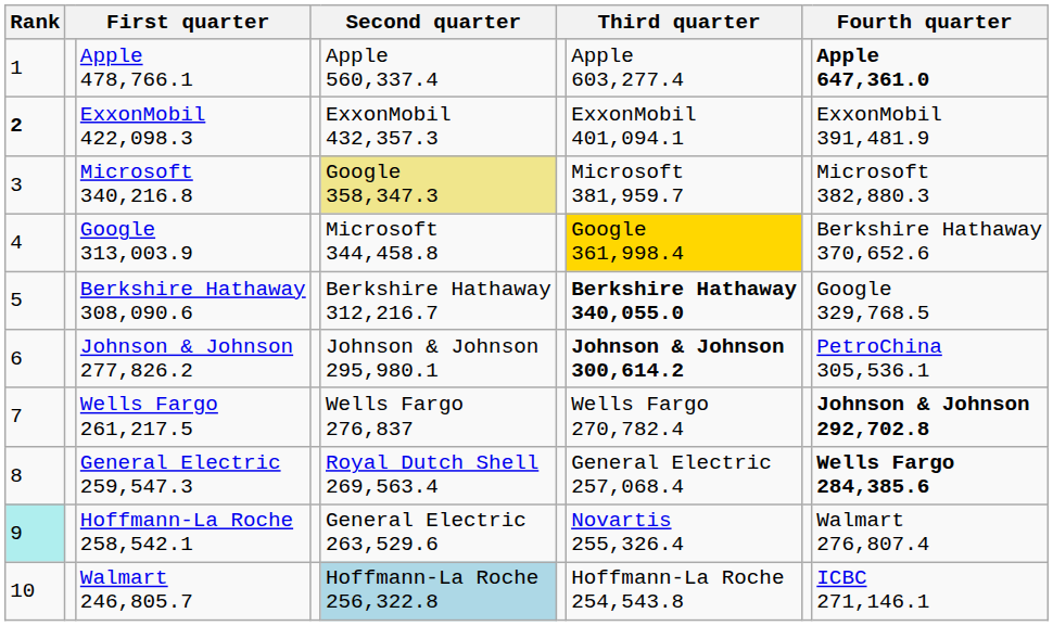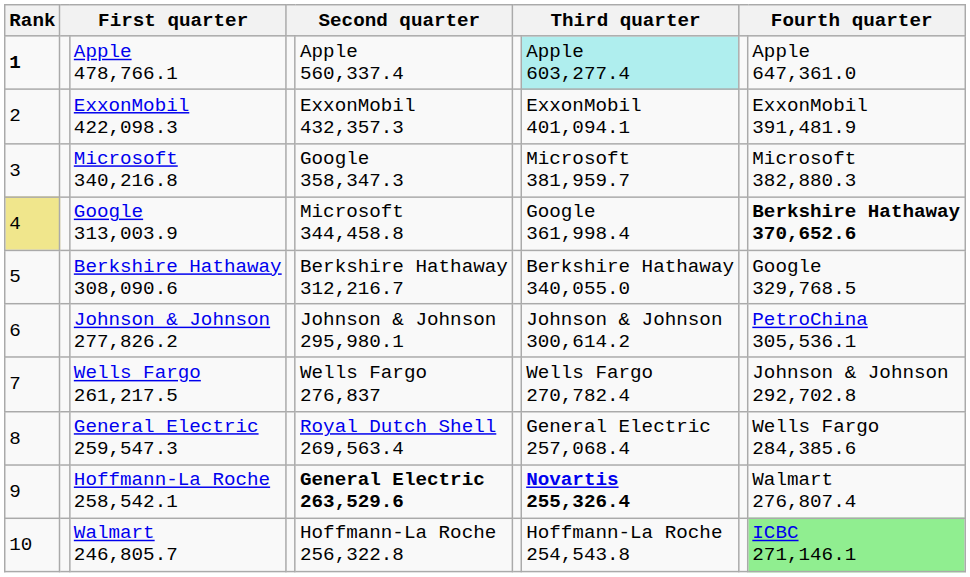 <table class="wikitable" >
 <tr>
 <th>Rank</th>
 <th colspan=2>First quarter</th>
 <th colspan=2>Second quarter</th>
 <th colspan=2>Third quarter</th>
 <th colspan=2>Fourth quarter</th>
 </tr>
 <tr>
-<td>1</td>
+<td><strong>1</strong></td>
 <td></td>
 <td><a href='#'>Apple</a> <br> 478,766.1</td>
 <td></td>
 <td>Apple <br> 560,337.4</td>
 <td></td>
-<td>Apple <br> 603,277.4</td>
+<td style="background: paleturquoise;">Apple <br> 603,277.4</td>
 <td></td>
-<td><strong>Apple <br> 647,361.0</strong></td>
+<td>Apple <br> 647,361.0</td>
 </tr>
 <tr>
-<td><strong>2</strong></td>
+<td>2</td>
 <td></td>
 <td><a href='#'>ExxonMobil</a> <br> 422,098.3</td>
 <td></td>
 <td>ExxonMobil <br> 432,357.3</td>
 <td></td>
 <td>ExxonMobil <br> 401,094.1</td>
 <td></td>
 <td>ExxonMobil <br> 391,481.9</td>
 </tr>
 <tr>
 <td>3</td>
 <td></td>
 <td><a href='#'>Microsoft</a><br> 340,216.8</td>
 <td></td>
-<td style="background: khaki;">Google <br> 358,347.3</td>
+<td>Google <br> 358,347.3</td>
 <td></td>
 <td>Microsoft<br> 381,959.7</td>
 <td></td>
 <td>Microsoft<br> 382,880.3</td>
 </tr>
 <tr>
-<td>4</td>
+<td style="background: khaki;">4</td>
 <td></td>
 <td><a href='#'>Google</a> <br> 313,003.9</td>
 <td></td>
 <td>Microsoft<br> 344,458.8</td>
 <td></td>
-<td style="background: gold;">Google <br> 361,998.4</td>
+<td>Google <br> 361,998.4</td>
 <td></td>
-<td>Berkshire Hathaway <br> 370,652.6</td>
+<td><strong>Berkshire Hathaway <br> 370,652.6</strong></td>
 </tr>
 <tr>
 <td>5</td>
 <td></td>
 <td><a href='#'>Berkshire Hathaway</a> <br> 308,090.6</td>
 <td></td>
 <td>Berkshire Hathaway <br> 312,216.7</td>
 <td></td>
-<td><strong>Berkshire Hathaway <br> 340,055.0</strong></td>
+<td>Berkshire Hathaway <br> 340,055.0</td>
 <td></td>
 <td>Google <br> 329,768.5</td>
 </tr>
 <tr>
 <td>6</td>
 <td></td>
 <td><a href='#'>Johnson & Johnson</a> <br> 277,826.2</td>
 <td></td>
 <td>Johnson & Johnson <br> 295,980.1</td>
 <td></td>
-<td><strong>Johnson & Johnson <br> 300,614.2</strong></td>
+<td>Johnson & Johnson <br> 300,614.2</td>
 <td></td>
 <td><a href='#'>PetroChina</a> <br> 305,536.1</td>
 </tr>
 <tr>
 <td>7</td>
 <td></td>
 <td><a href='#'>Wells Fargo</a> <br> 261,217.5</td>
 <td></td>
 <td>Wells Fargo <br> 276,837</td>
 <td></td>
 <td>Wells Fargo <br> 270,782.4</td>
 <td></td>
-<td><strong>Johnson & Johnson <br> 292,702.8</strong></td>
+<td>Johnson & Johnson <br> 292,702.8</td>
 </tr>
 <tr>
 <td>8</td>
 <td></td>
 <td><a href='#'>General Electric</a> <br> 259,547.3</td>
 <td> <br>   </td>
 <td><a href='#'>Royal Dutch Shell</a><br> 269,563.4</td>
 <td></td>
 <td>General Electric <br> 257,068.4</td>
 <td></td>
-<td><strong>Wells Fargo <br> 284,385.6</strong></td>
+<td>Wells Fargo <br> 284,385.6</td>
 </tr>
 <tr>
-<td style="background: paleturquoise;">9</td>
+<td>9</td>
 <td></td>
 <td><a href='#'>Hoffmann-La Roche</a> <br> 258,542.1</td>
 <td></td>
-<td>General Electric <br> 263,529.6</td>
+<td><strong>General Electric <br> 263,529.6</strong></td>
 <td></td>
-<td><a href='#'>Novartis</a> <br> 255,326.4</td>
+<td><strong><a href='#'>Novartis</a> <br> 255,326.4</strong></td>
 <td></td>
 <td>Walmart <br> 276,807.4</td>
 </tr>
 <tr>
 <td>10</td>
 <td></td>
 <td><a href='#'>Walmart</a> <br> 246,805.7</td>
 <td></td>
-<td style="background: lightblue;">Hoffmann-La Roche <br> 256,322.8</td>
+<td>Hoffmann-La Roche <br> 256,322.8</td>
 <td></td>
 <td>Hoffmann-La Roche <br> 254,543.8</td>
 <td></td>
-<td><a href='#'>ICBC</a> <br> 271,146.1</td>
+<td style="background: lightgreen;"><a href='#'>ICBC</a> <br> 271,146.1</td>
 </tr>
 </table>
